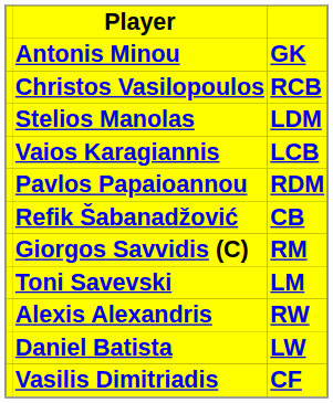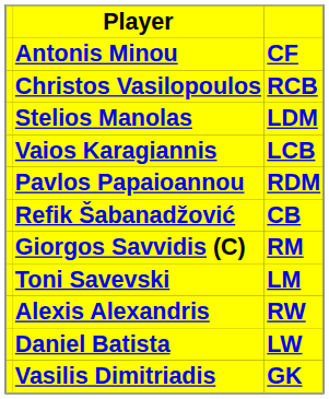 <table class="toccolours" border="0" cellpadding="2" cellspacing="0" align="center" style="margin: 0.5em 0 1em 1em; background: #000000; border: 1px #aaaaaa solid;">
 <tr bgcolor=#FFFF00>
 <th></th>
 <th>Player</th>
 <th></th>
 </tr>
 <tr bgcolor=#FFFF00>
 <td></td>
 <td><a href='#'><span><strong>Antonis Minou</strong></span></a></td>
-<td><a href='#'><strong>GK</strong></a></td>
+<td><a href='#'><strong>CF</strong></a></td>
 </tr>
 <tr bgcolor=#FFFF00>
 <td></td>
 <td><a href='#'><span><strong>Christos Vasilopoulos</strong></span></a></td>
 <td><a href='#'><strong>RCB</strong></a></td>
 </tr>
 <tr bgcolor=#FFFF00>
 <td></td>
 <td><a href='#'><span><strong>Stelios Manolas</strong></span></a></td>
 <td><a href='#'><strong>LDM</strong></a></td>
 </tr>
 <tr bgcolor=#FFFF00>
 <td></td>
 <td><a href='#'><span><strong>Vaios Karagiannis</strong></span></a></td>
 <td><a href='#'><strong>LCB</strong></a></td>
 </tr>
 <tr bgcolor=#FFFF00>
 <td></td>
 <td><a href='#'><span><strong>Pavlos Papaioannou</strong></span></a></td>
 <td><a href='#'><strong>RDM</strong></a></td>
 </tr>
 <tr bgcolor=#FFFF00>
 <td></td>
 <td><a href='#'><span><strong>Refik Šabanadžović</strong></span></a></td>
 <td><a href='#'><strong>CB</strong></a></td>
 </tr>
 <tr bgcolor=#FFFF00>
 <td></td>
 <td><a href='#'><span><strong>Giorgos Savvidis</strong></span></a> <strong>(C)</strong></td>
 <td><a href='#'><strong>RM</strong></a></td>
 </tr>
 <tr bgcolor=#FFFF00>
 <td></td>
 <td><a href='#'><span><strong>Toni Savevski</strong></span></a></td>
 <td><a href='#'><strong>LM</strong></a></td>
 </tr>
 <tr bgcolor=#FFFF00>
 <td></td>
 <td><a href='#'><span><strong>Alexis Alexandris</strong></span></a></td>
 <td><a href='#'><strong>RW</strong></a></td>
 </tr>
 <tr bgcolor=#FFFF00>
 <td></td>
 <td><a href='#'><span><strong>Daniel Batista</strong></span></a></td>
 <td><a href='#'><strong>LW</strong></a></td>
 </tr>
 <tr bgcolor=#FFFF00>
 <td></td>
 <td><a href='#'><span><strong>Vasilis Dimitriadis</strong></span></a></td>
-<td><a href='#'><strong>CF</strong></a></td>
+<td><a href='#'><strong>GK</strong></a></td>
 </tr>
 </table>
